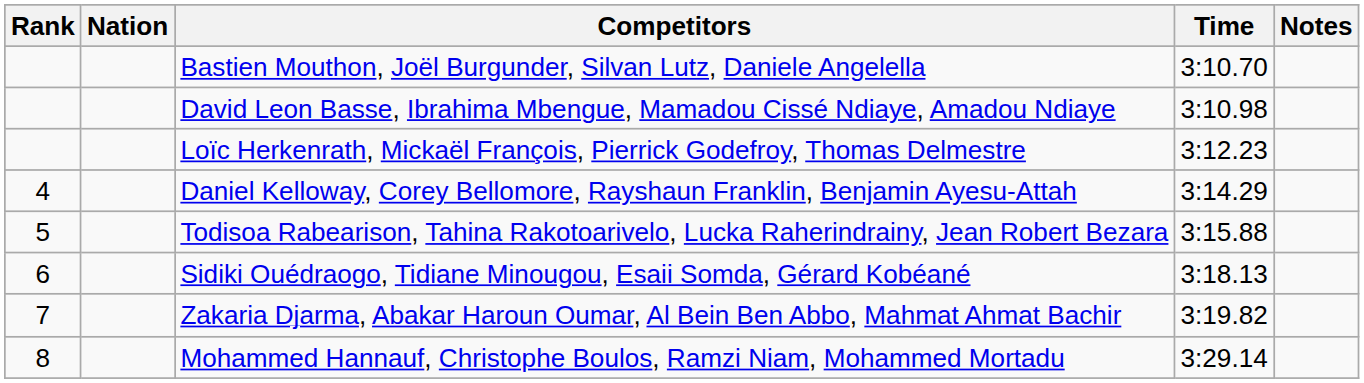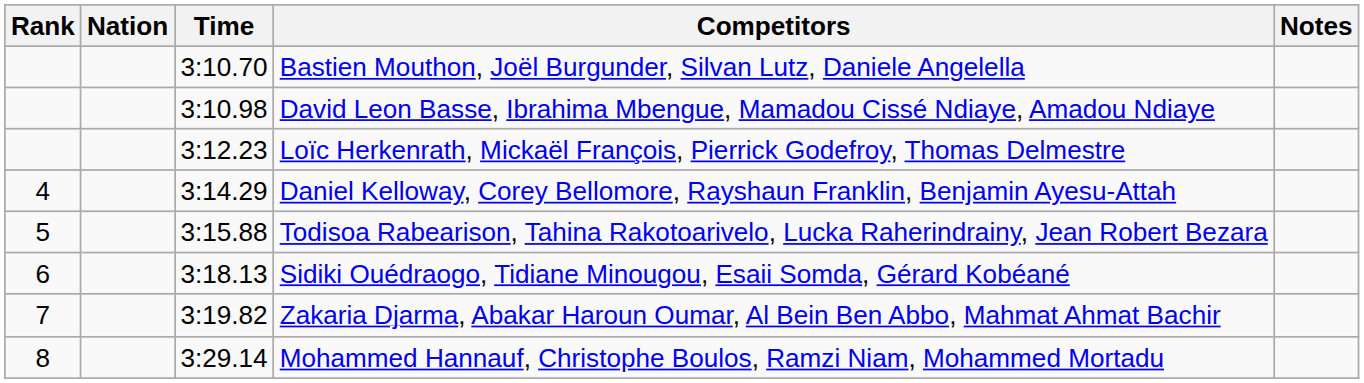 <table class="wikitable sortable" style="text-align:center; font-size:95%">
 <tr>
 <th>Rank</th>
 <th>Nation</th>
+<th>Time</th>
 <th>Competitors</th>
-<th>Time</th>
 <th>Notes</th>
 </tr>
 <tr>
 <td></td>
 <td align=left></td>
+<td>3:10.70</td>
 <td align=left><a href='#'>Bastien Mouthon</a>, <a href='#'>Joël Burgunder</a>, <a href='#'>Silvan Lutz</a>, <a href='#'>Daniele Angelella</a></td>
-<td>3:10.70</td>
 <td></td>
 </tr>
 <tr>
 <td></td>
 <td align=left></td>
+<td>3:10.98</td>
 <td align=left><a href='#'>David Leon Basse</a>, <a href='#'>Ibrahima Mbengue</a>, <a href='#'>Mamadou Cissé Ndiaye</a>, <a href='#'>Amadou Ndiaye</a></td>
-<td>3:10.98</td>
 <td></td>
 </tr>
 <tr>
 <td></td>
 <td align=left></td>
+<td>3:12.23</td>
 <td align=left><a href='#'>Loïc Herkenrath</a>, <a href='#'>Mickaël François</a>, <a href='#'>Pierrick Godefroy</a>, <a href='#'>Thomas Delmestre</a></td>
-<td>3:12.23</td>
 <td></td>
 </tr>
 <tr>
 <td>4</td>
 <td align=left></td>
+<td>3:14.29</td>
 <td align=left><a href='#'>Daniel Kelloway</a>, <a href='#'>Corey Bellomore</a>, <a href='#'>Rayshaun Franklin</a>, <a href='#'>Benjamin Ayesu-Attah</a></td>
-<td>3:14.29</td>
 <td></td>
 </tr>
 <tr>
 <td>5</td>
 <td align=left></td>
+<td>3:15.88</td>
 <td align=left><a href='#'>Todisoa Rabearison</a>, <a href='#'>Tahina Rakotoarivelo</a>, <a href='#'>Lucka Raherindrainy</a>, <a href='#'>Jean Robert Bezara</a></td>
-<td>3:15.88</td>
 <td></td>
 </tr>
 <tr>
 <td>6</td>
 <td align=left></td>
+<td>3:18.13</td>
 <td align=left><a href='#'>Sidiki Ouédraogo</a>, <a href='#'>Tidiane Minougou</a>, <a href='#'>Esaii Somda</a>, <a href='#'>Gérard Kobéané</a></td>
-<td>3:18.13</td>
 <td></td>
 </tr>
 <tr>
 <td>7</td>
 <td align=left></td>
+<td>3:19.82</td>
 <td align=left><a href='#'>Zakaria Djarma</a>, <a href='#'>Abakar Haroun Oumar</a>, <a href='#'>Al Bein Ben Abbo</a>, <a href='#'>Mahmat Ahmat Bachir</a></td>
-<td>3:19.82</td>
 <td></td>
 </tr>
 <tr>
 <td>8</td>
 <td align=left></td>
+<td>3:29.14</td>
 <td align=left><a href='#'>Mohammed Hannauf</a>, <a href='#'>Christophe Boulos</a>, <a href='#'>Ramzi Niam</a>, <a href='#'>Mohammed Mortadu</a></td>
-<td>3:29.14</td>
 <td></td>
 </tr>
 </table>
